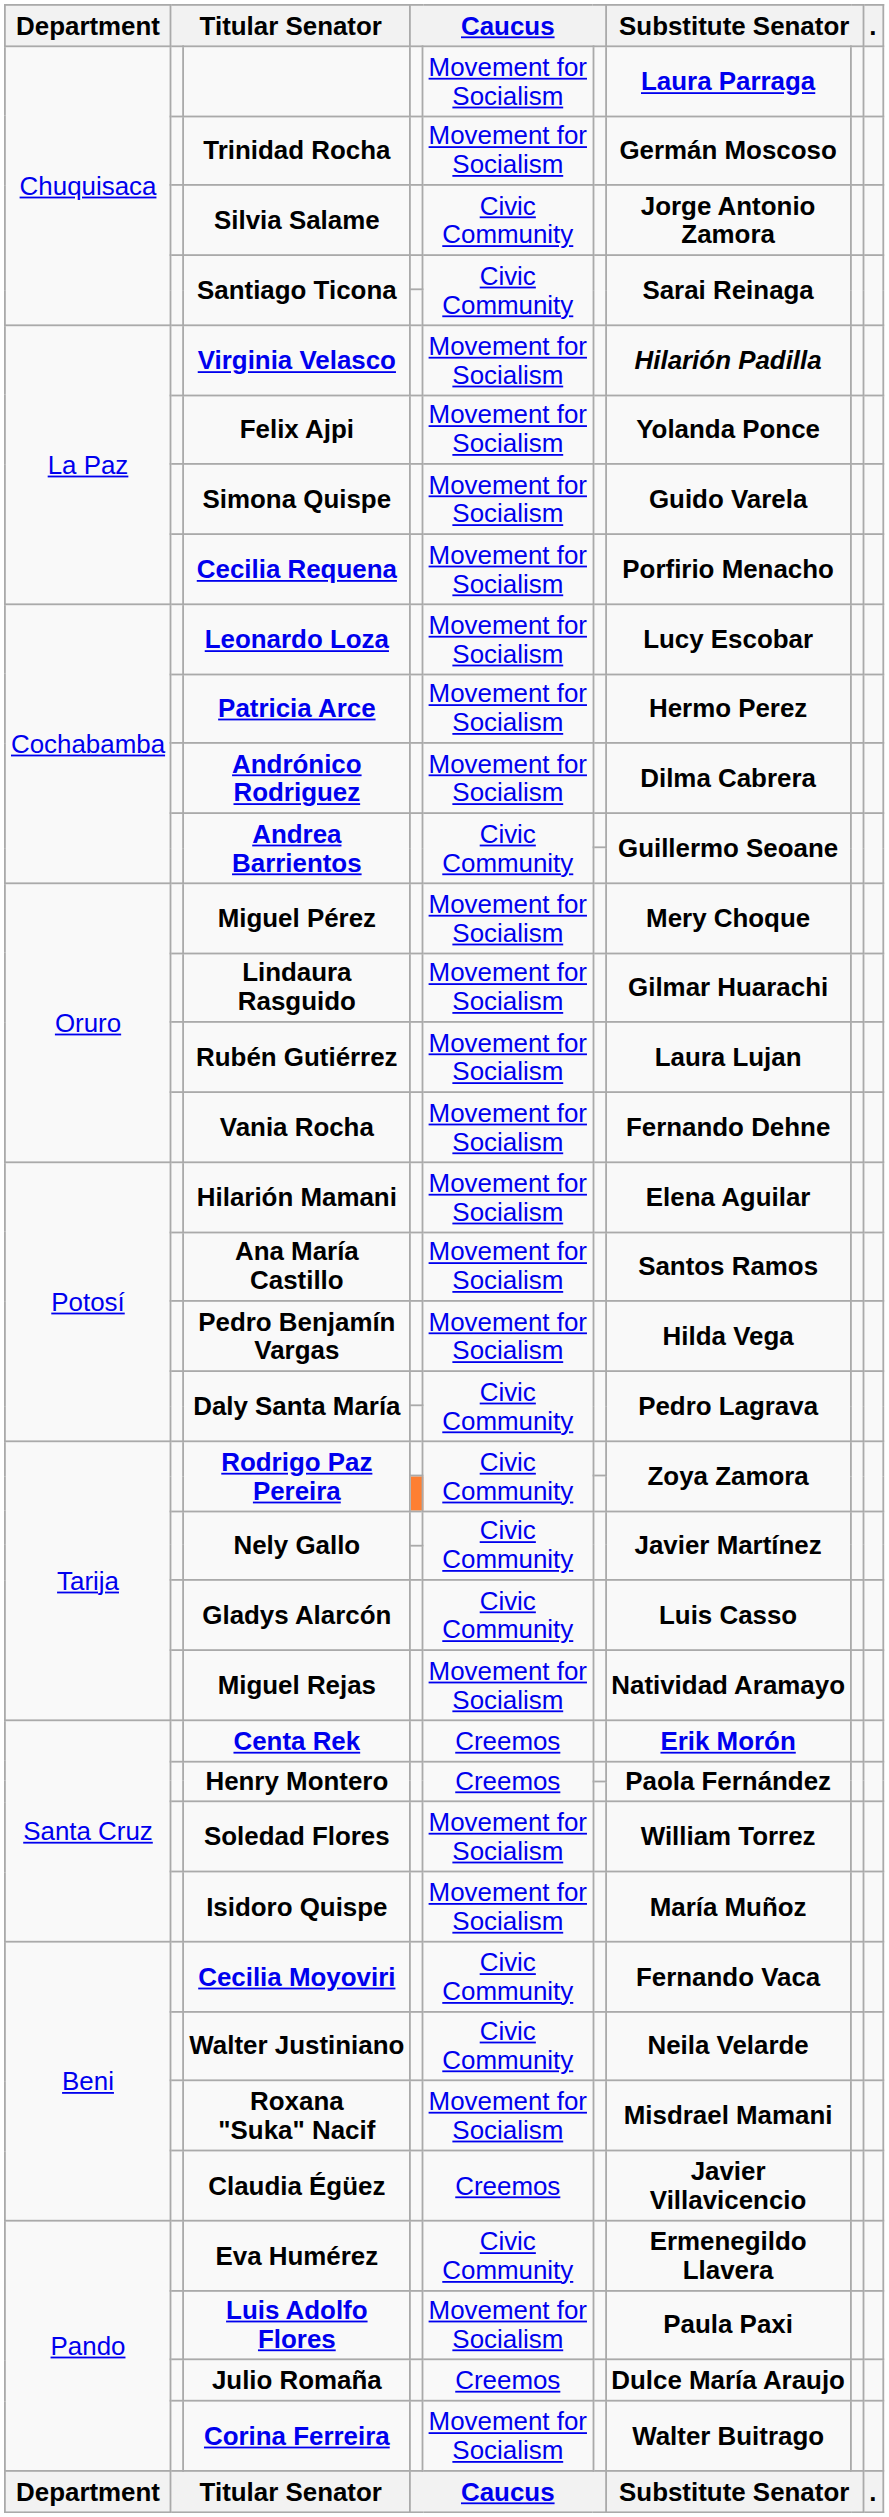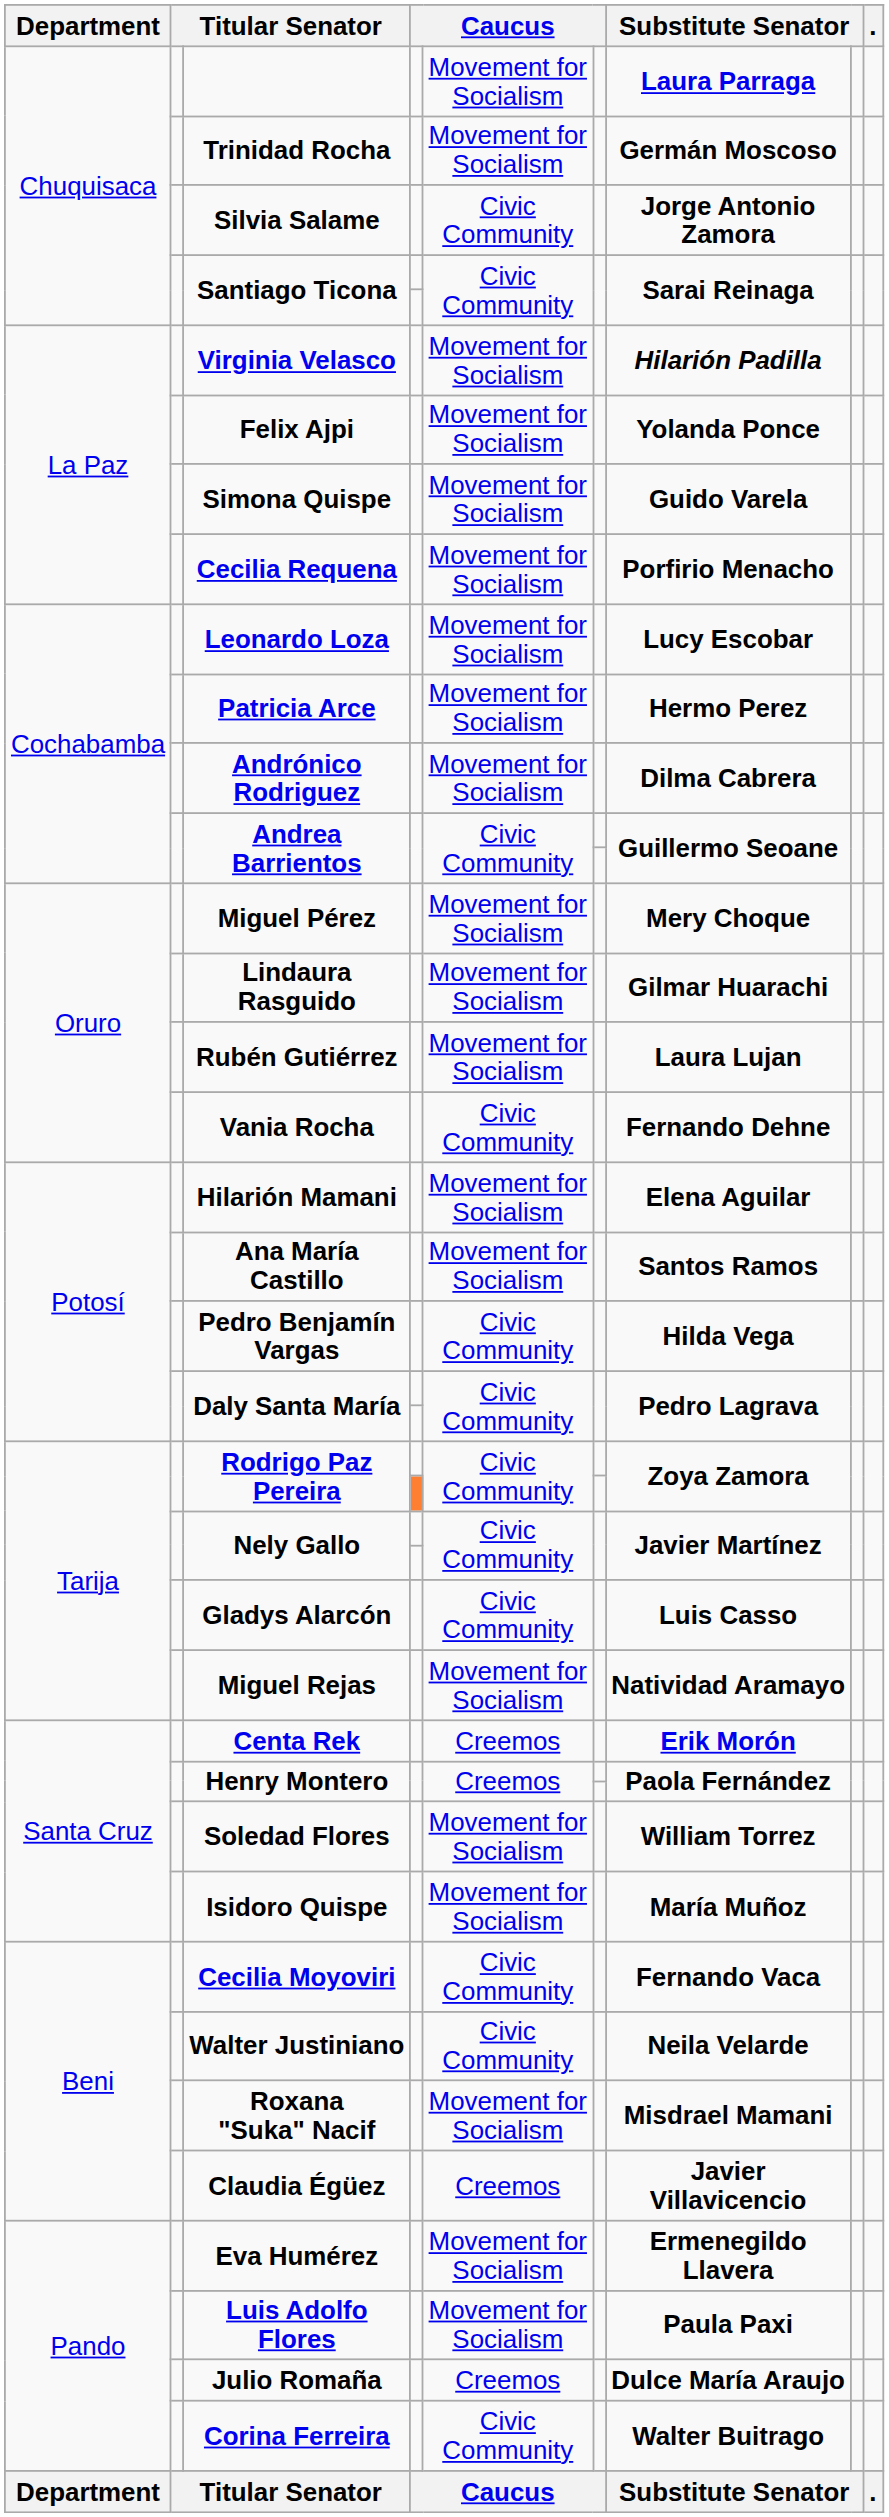 <table class="wikitable" style="font-size:90%; text-align:center;">
 <tr>
 <th>Department</th>
 <th colspan=2 =>Titular Senator</th>
 <th colspan=3><a href='#'>Caucus</a></th>
 <th colspan=2>Substitute Senator</th>
 <th>.</th>
 </tr>
 <tr>
 <td rowspan=5><a href='#'>Chuquisaca</a></td>
 <td></td>
 <td><strong></strong></td>
 <td style="background-color:"></td>
 <td><a href='#'>Movement for<br>Socialism</a></td>
 <td style="background-color:"></td>
 <td><strong><a href='#'>Laura Parraga</a></strong></td>
 <td></td>
 <td></td>
 </tr>
 <tr>
 <td></td>
 <td><strong>Trinidad Rocha</strong></td>
 <td style="background-color:"></td>
 <td><a href='#'>Movement for<br>Socialism</a></td>
 <td style="background-color:"></td>
 <td><strong>Germán Moscoso</strong></td>
 <td></td>
 <td></td>
 </tr>
 <tr>
 <td></td>
 <td><strong>Silvia Salame</strong></td>
 <td style="background-color:"></td>
 <td><a href='#'>Civic<br>Community</a></td>
 <td style="background-color:"></td>
 <td><strong>Jorge Antonio<br>Zamora</strong></td>
 <td></td>
 <td></td>
 </tr>
 <tr>
 <td rowspan=2></td>
 <td rowspan=2><strong>Santiago Ticona</strong></td>
 <td style="background-color:"></td>
 <td rowspan=2><a href='#'>Civic<br>Community</a></td>
 <td rowspan=2 style="background-color:"></td>
 <td rowspan=2><strong>Sarai Reinaga</strong></td>
 <td rowspan=2></td>
 <td rowspan=2></td>
 </tr>
 <tr>
 <td style="background-color:"></td>
 </tr>
 <tr>
 <td rowspan=4><a href='#'>La Paz</a></td>
 <td></td>
 <td><strong><a href='#'>Virginia Velasco</a></strong></td>
 <td style="background-color:"></td>
 <td><a href='#'>Movement for<br>Socialism</a></td>
 <td style="background-color:"></td>
 <td><strong><em>Hilarión Padilla</em></strong></td>
 <td></td>
 <td></td>
 </tr>
 <tr>
 <td></td>
 <td><strong>Felix Ajpi</strong></td>
 <td style="background-color:"></td>
 <td><a href='#'>Movement for<br>Socialism</a></td>
 <td style="background-color:"></td>
 <td><strong>Yolanda Ponce</strong></td>
 <td></td>
 <td></td>
 </tr>
 <tr>
 <td></td>
 <td><strong>Simona Quispe</strong></td>
 <td style="background-color:"></td>
 <td><a href='#'>Movement for<br>Socialism</a></td>
 <td style="background-color:"></td>
 <td><strong>Guido Varela</strong></td>
 <td></td>
 <td></td>
 </tr>
 <tr>
 <td></td>
 <td><strong><a href='#'>Cecilia Requena</a></strong></td>
 <td style="background-color:"></td>
 <td><a href='#'>Movement for<br>Socialism</a></td>
 <td style="background-color:"></td>
 <td><strong>Porfirio Menacho</strong></td>
 <td></td>
 <td></td>
 </tr>
 <tr>
 <td rowspan=5><a href='#'>Cochabamba</a></td>
 <td></td>
 <td><strong><a href='#'>Leonardo Loza</a></strong></td>
 <td style="background-color:"></td>
 <td><a href='#'>Movement for<br>Socialism</a></td>
 <td style="background-color:"></td>
 <td><strong>Lucy Escobar</strong></td>
 <td></td>
 <td></td>
 </tr>
 <tr>
 <td></td>
 <td><strong><a href='#'>Patricia Arce</a></strong></td>
 <td style="background-color:"></td>
 <td><a href='#'>Movement for<br>Socialism</a></td>
 <td style="background-color:"></td>
 <td><strong>Hermo Perez</strong></td>
 <td></td>
 <td></td>
 </tr>
 <tr>
 <td></td>
 <td><strong><a href='#'>Andrónico<br>Rodriguez</a></strong></td>
 <td style="background-color:"></td>
 <td><a href='#'>Movement for<br>Socialism</a></td>
 <td style="background-color:"></td>
 <td><strong>Dilma Cabrera</strong></td>
 <td></td>
 <td></td>
 </tr>
 <tr>
 <td rowspan=2></td>
 <td rowspan=2><strong><a href='#'>Andrea<br>Barrientos</a></strong></td>
 <td rowspan=2 style="background-color:"></td>
 <td rowspan=2><a href='#'>Civic<br>Community</a></td>
 <td style="background-color:"></td>
 <td rowspan=2><strong>Guillermo Seoane</strong></td>
 <td rowspan=2></td>
 <td rowspan=2></td>
 </tr>
 <tr>
 <td style="background-color:"></td>
 </tr>
 <tr>
 <td rowspan=4><a href='#'>Oruro</a></td>
 <td></td>
 <td><strong>Miguel Pérez</strong></td>
 <td style="background-color:"></td>
 <td><a href='#'>Movement for<br>Socialism</a></td>
 <td style="background-color:"></td>
 <td><strong>Mery Choque</strong></td>
 <td></td>
 <td></td>
 </tr>
 <tr>
 <td></td>
 <td><strong>Lindaura<br>Rasguido</strong></td>
 <td style="background-color:"></td>
 <td><a href='#'>Movement for<br>Socialism</a></td>
 <td style="background-color:"></td>
 <td><strong>Gilmar Huarachi</strong></td>
 <td></td>
 <td></td>
 </tr>
 <tr>
 <td></td>
 <td><strong>Rubén Gutiérrez</strong></td>
 <td style="background-color:"></td>
 <td><a href='#'>Movement for<br>Socialism</a></td>
 <td style="background-color:"></td>
 <td><strong>Laura Lujan</strong></td>
 <td></td>
 <td></td>
 </tr>
 <tr>
 <td></td>
 <td><strong>Vania Rocha</strong></td>
 <td style="background-color:"></td>
-<td><a href='#'>Movement for<br>Socialism</a></td>
+<td><a href='#'>Civic<br>Community</a></td>
 <td style="background-color:"></td>
 <td><strong>Fernando Dehne</strong></td>
 <td></td>
 <td></td>
 </tr>
 <tr>
 <td rowspan=5><a href='#'>Potosí</a></td>
 <td></td>
 <td><strong>Hilarión Mamani</strong></td>
 <td style="background-color:"></td>
 <td><a href='#'>Movement for<br>Socialism</a></td>
 <td style="background-color:"></td>
 <td><strong>Elena Aguilar</strong></td>
 <td></td>
 <td></td>
 </tr>
 <tr>
 <td></td>
 <td><strong>Ana María<br>Castillo</strong></td>
 <td style="background-color:"></td>
 <td><a href='#'>Movement for<br>Socialism</a></td>
 <td style="background-color:"></td>
 <td><strong>Santos Ramos</strong></td>
 <td></td>
 <td></td>
 </tr>
 <tr>
 <td></td>
 <td><strong>Pedro Benjamín<br>Vargas</strong></td>
 <td style="background-color:"></td>
-<td><a href='#'>Movement for<br>Socialism</a></td>
+<td><a href='#'>Civic<br>Community</a></td>
 <td style="background-color:"></td>
 <td><strong>Hilda Vega</strong></td>
 <td></td>
 <td></td>
 </tr>
 <tr>
 <td rowspan=2></td>
 <td rowspan=2><strong>Daly Santa María</strong></td>
 <td style="background-color:"></td>
 <td rowspan=2><a href='#'>Civic<br>Community</a></td>
 <td rowspan=2 style="background-color:"></td>
 <td rowspan=2><strong>Pedro Lagrava</strong></td>
 <td rowspan=2></td>
 <td rowspan=2></td>
 </tr>
 <tr>
 <td style="background-color:"></td>
 </tr>
 <tr>
 <td rowspan=6><a href='#'>Tarija</a></td>
 <td rowspan=2></td>
 <td rowspan=2><strong><a href='#'>Rodrigo Paz<br>Pereira</a></strong></td>
 <td style="background-color:"></td>
 <td rowspan=2><a href='#'>Civic<br>Community</a></td>
 <td style="background-color:"></td>
 <td rowspan=2><strong>Zoya Zamora</strong></td>
 <td rowspan=2></td>
 <td rowspan=2></td>
 </tr>
 <tr>
 <td style="background-color:#FE7F32;"></td>
 <td style="background-color:"></td>
 </tr>
 <tr>
 <td rowspan=2></td>
 <td rowspan=2><strong>Nely Gallo</strong></td>
 <td style="background-color:"></td>
 <td rowspan=2><a href='#'>Civic<br>Community</a></td>
 <td rowspan=2 style="background-color:"></td>
 <td rowspan=2><strong>Javier Martínez</strong></td>
 <td rowspan=2></td>
 <td rowspan=2></td>
 </tr>
 <tr>
 <td style="background-color:"></td>
 </tr>
 <tr>
 <td></td>
 <td><strong>Gladys Alarcón</strong></td>
 <td style="background-color:"></td>
 <td><a href='#'>Civic<br>Community</a></td>
 <td style="background-color:"></td>
 <td><strong>Luis Casso</strong></td>
 <td></td>
 <td></td>
 </tr>
 <tr>
 <td></td>
 <td><strong>Miguel Rejas</strong></td>
 <td style="background-color:"></td>
 <td><a href='#'>Movement for<br>Socialism</a></td>
 <td style="background-color:"></td>
 <td><strong>Natividad Aramayo</strong></td>
 <td></td>
 <td></td>
 </tr>
 <tr>
 <td rowspan=5><a href='#'>Santa Cruz</a></td>
 <td></td>
 <td><strong><a href='#'>Centa Rek</a></strong></td>
 <td style="background-color:"></td>
 <td><a href='#'>Creemos</a></td>
 <td style="background-color:"></td>
 <td><strong><a href='#'>Erik Morón</a></strong></td>
 <td></td>
 <td></td>
 </tr>
 <tr>
 <td rowspan=2></td>
 <td rowspan=2><strong>Henry Montero</strong></td>
 <td rowspan=2 style="background-color:"></td>
 <td rowspan=2><a href='#'>Creemos</a></td>
 <td style="background-color:"></td>
 <td rowspan=2><strong>Paola Fernández</strong></td>
 <td rowspan=2></td>
 <td rowspan=2></td>
 </tr>
 <tr>
 <td style="background-color:"></td>
 </tr>
 <tr>
 <td></td>
 <td><strong>Soledad Flores</strong></td>
 <td style="background-color:"></td>
 <td><a href='#'>Movement for<br>Socialism</a></td>
 <td style="background-color:"></td>
 <td><strong>William Torrez</strong></td>
 <td></td>
 <td></td>
 </tr>
 <tr>
 <td></td>
 <td><strong>Isidoro Quispe</strong></td>
 <td style="background-color:"></td>
 <td><a href='#'>Movement for<br>Socialism</a></td>
 <td style="background-color:"></td>
 <td><strong>María Muñoz</strong></td>
 <td></td>
 <td></td>
 </tr>
 <tr>
 <td rowspan=4><a href='#'>Beni</a></td>
 <td></td>
 <td><strong><a href='#'>Cecilia Moyoviri</a></strong></td>
 <td style="background-color:"></td>
 <td><a href='#'>Civic<br>Community</a></td>
 <td style="background-color:"></td>
 <td><strong>Fernando Vaca</strong></td>
 <td></td>
 <td></td>
 </tr>
 <tr>
 <td></td>
 <td><strong>Walter Justiniano</strong></td>
 <td style="background-color:"></td>
 <td><a href='#'>Civic<br>Community</a></td>
 <td style="background-color:"></td>
 <td><strong>Neila Velarde</strong></td>
 <td></td>
 <td></td>
 </tr>
 <tr>
 <td></td>
 <td><strong>Roxana<br>"Suka" Nacif</strong></td>
 <td style="background-color:"></td>
 <td><a href='#'>Movement for<br>Socialism</a></td>
 <td style="background-color:"></td>
 <td><strong>Misdrael Mamani</strong></td>
 <td></td>
 <td></td>
 </tr>
 <tr>
 <td></td>
 <td><strong>Claudia Égüez</strong></td>
 <td style="background-color:"></td>
 <td><a href='#'>Creemos</a></td>
 <td style="background-color:"></td>
 <td><strong>Javier<br>Villavicencio</strong></td>
 <td></td>
 <td></td>
 </tr>
 <tr>
 <td rowspan=4><a href='#'>Pando</a></td>
 <td></td>
 <td><strong>Eva Humérez</strong></td>
 <td style="background-color:"></td>
-<td><a href='#'>Civic<br>Community</a></td>
+<td><a href='#'>Movement for<br>Socialism</a></td>
 <td style="background-color:"></td>
 <td><strong>Ermenegildo<br>Llavera</strong></td>
 <td></td>
 <td></td>
 </tr>
 <tr>
 <td></td>
 <td><strong><a href='#'>Luis Adolfo<br>Flores</a></strong></td>
 <td style="background-color:"></td>
 <td><a href='#'>Movement for<br>Socialism</a></td>
 <td style="background-color:"></td>
 <td><strong>Paula Paxi</strong></td>
 <td></td>
 <td></td>
 </tr>
 <tr>
 <td></td>
 <td><strong>Julio Romaña</strong></td>
 <td style="background-color:"></td>
 <td><a href='#'>Creemos</a></td>
 <td style="background-color:"></td>
 <td><strong>Dulce María Araujo</strong></td>
 <td></td>
 <td></td>
 </tr>
 <tr>
 <td></td>
 <td><strong><a href='#'>Corina Ferreira</a></strong></td>
 <td style="background-color:"></td>
-<td><a href='#'>Movement for<br>Socialism</a></td>
+<td><a href='#'>Civic<br>Community</a></td>
 <td style="background-color:"></td>
 <td><strong>Walter Buitrago</strong></td>
 <td></td>
 <td></td>
 </tr>
 <tr>
 <th bgcolor="#EAECF0">Department</th>
 <th bgcolor="#EAECF0" colspan=2 =>Titular Senator</th>
 <th bgcolor="#EAECF0" colspan=3><a href='#'>Caucus</a></th>
 <th bgcolor="#EAECF0" colspan=2>Substitute Senator</th>
 <th bgcolor="#EAECF0">.</th>
 </tr>
 </table>
